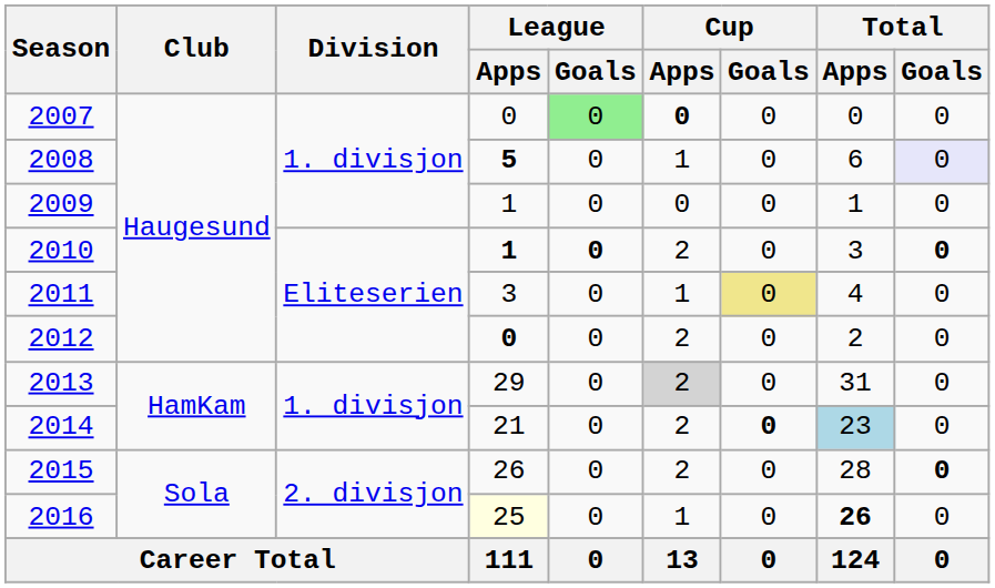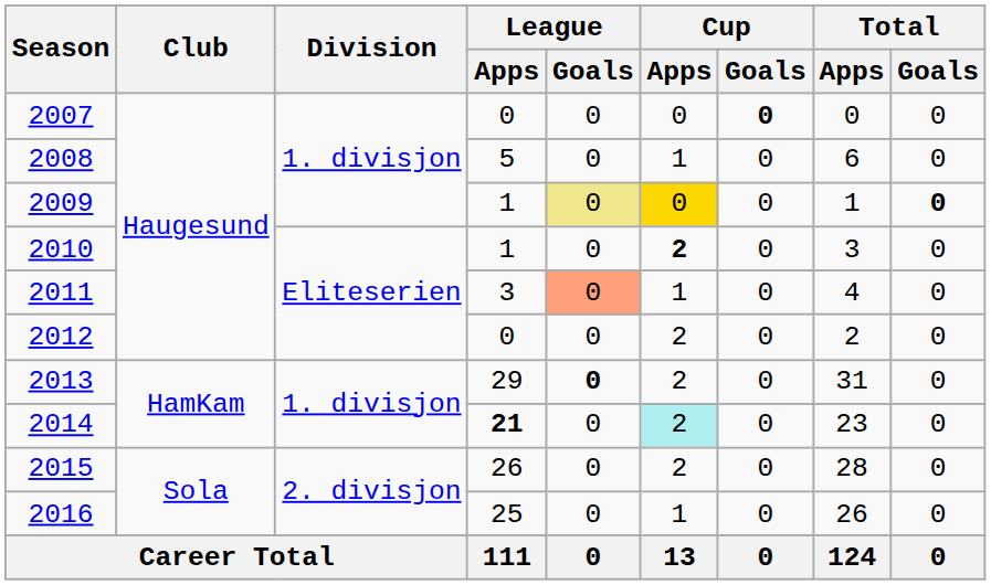 <table class="wikitable" style="text-align: center;">
 <tr>
 <th rowspan="2">Season</th>
 <th rowspan="2">Club</th>
 <th rowspan="2">Division</th>
 <th colspan="2">League</th>
 <th colspan="2">Cup</th>
 <th colspan="2">Total</th>
 </tr>
 <tr>
 <th>Apps</th>
 <th>Goals</th>
 <th>Apps</th>
 <th>Goals</th>
 <th>Apps</th>
 <th>Goals</th>
 </tr>
 <tr>
 <td><a href='#'>2007</a></td>
 <td rowspan="6" valign="center"><a href='#'>Haugesund</a></td>
 <td rowspan="3" valign="center"><a href='#'>1. divisjon</a></td>
 <td>0</td>
-<td style="background: lightgreen;">0</td>
+<td>0</td>
+<td>0</td>
 <td><strong>0</strong></td>
-<td>0</td>
 <td>0</td>
 <td>0</td>
 </tr>
 <tr>
 <td><a href='#'>2008</a></td>
-<td><strong>5</strong></td>
+<td>5</td>
 <td>0</td>
 <td>1</td>
 <td>0</td>
 <td>6</td>
-<td style="background: lavender;">0</td>
+<td>0</td>
 </tr>
 <tr>
 <td><a href='#'>2009</a></td>
 <td>1</td>
-<td>0</td>
-<td>0</td>
+<td style="background: khaki;">0</td>
+<td style="background: gold;">0</td>
 <td>0</td>
 <td>1</td>
-<td>0</td>
+<td><strong>0</strong></td>
 </tr>
 <tr>
 <td><a href='#'>2010</a></td>
 <td rowspan="3" valign="center"><a href='#'>Eliteserien</a></td>
-<td><strong>1</strong></td>
-<td><strong>0</strong></td>
-<td>2</td>
+<td>1</td>
+<td>0</td>
+<td><strong>2</strong></td>
 <td>0</td>
 <td>3</td>
-<td><strong>0</strong></td>
+<td>0</td>
 </tr>
 <tr>
 <td><a href='#'>2011</a></td>
 <td>3</td>
+<td style="background: lightsalmon;">0</td>
+<td>1</td>
 <td>0</td>
-<td>1</td>
-<td style="background: khaki;">0</td>
 <td>4</td>
 <td>0</td>
 </tr>
 <tr>
 <td><a href='#'>2012</a></td>
-<td><strong>0</strong></td>
+<td>0</td>
 <td>0</td>
 <td>2</td>
 <td>0</td>
 <td>2</td>
 <td>0</td>
 </tr>
 <tr>
 <td><a href='#'>2013</a></td>
 <td rowspan="2" valign="center"><a href='#'>HamKam</a></td>
 <td rowspan="2" valign="center"><a href='#'>1. divisjon</a></td>
 <td>29</td>
-<td>0</td>
-<td style="background: lightgrey;">2</td>
+<td><strong>0</strong></td>
+<td>2</td>
 <td>0</td>
 <td>31</td>
 <td>0</td>
 </tr>
 <tr>
 <td><a href='#'>2014</a></td>
-<td>21</td>
+<td><strong>21</strong></td>
 <td>0</td>
-<td>2</td>
-<td><strong>0</strong></td>
-<td style="background: lightblue;">23</td>
+<td style="background: paleturquoise;">2</td>
+<td>0</td>
+<td>23</td>
 <td>0</td>
 </tr>
 <tr>
 <td><a href='#'>2015</a></td>
 <td rowspan="2" valign="center"><a href='#'>Sola</a></td>
 <td rowspan="2" valign="center"><a href='#'>2. divisjon</a></td>
 <td>26</td>
 <td>0</td>
 <td>2</td>
 <td>0</td>
 <td>28</td>
-<td><strong>0</strong></td>
+<td>0</td>
 </tr>
 <tr>
 <td><a href='#'>2016</a></td>
-<td style="background: lightyellow;">25</td>
+<td>25</td>
 <td>0</td>
 <td>1</td>
 <td>0</td>
-<td><strong>26</strong></td>
+<td>26</td>
 <td>0</td>
 </tr>
 <tr>
 <th colspan="3">Career Total</th>
 <th>111</th>
 <th>0</th>
 <th>13</th>
 <th>0</th>
 <th>124</th>
 <th>0</th>
 </tr>
 </table>
